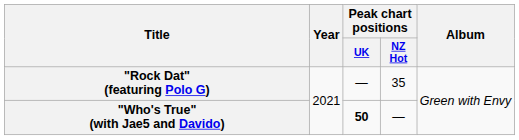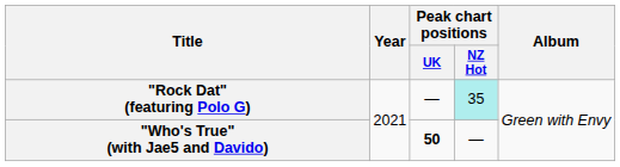 <table class="wikitable plainrowheaders" style="text-align:center;">
 <tr>
 <th scope="col" rowspan="2" style="width:24em;">Title</th>
 <th scope="col" rowspan="2" style="width:1em;">Year</th>
 <th scope="col" colspan="2">Peak chart positions</th>
 <th scope="col" rowspan="2">Album</th>
 </tr>
 <tr>
 <th scope="col" style="width:3em;font-size:85%;"><a href='#'>UK</a><br></th>
 <th scope="col" style="width:3em;font-size:85%;"><a href='#'>NZ<br>Hot</a><br></th>
 </tr>
 <tr>
 <th scope="row">"Rock Dat"<br><span>(featuring <a href='#'>Polo G</a>)</span></th>
 <td rowspan="2">2021</td>
 <td>—</td>
-<td>35</td>
+<td style="background: paleturquoise;">35</td>
 <td rowspan="2"><em>Green with Envy</em></td>
 </tr>
 <tr>
 <th scope="row">"Who's True"<br><span>(with Jae5 and <a href='#'>Davido</a>)</span></th>
 <td><strong>50</strong></td>
 <td>—</td>
 </tr>
 </table>
